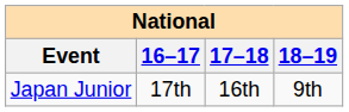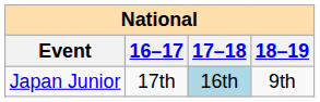 <table class="wikitable" style="text-align:center">
 <tr>
 <th colspan="4" style="background-color: #ffdead; " align="center">National</th>
 </tr>
 <tr>
 <th>Event</th>
 <th><a href='#'>16–17</a></th>
 <th><a href='#'>17–18</a></th>
 <th><a href='#'>18–19</a></th>
 </tr>
 <tr>
 <td align=left><a href='#'>Japan Junior</a></td>
 <td>17th</td>
-<td>16th</td>
+<td style="background: lightblue;">16th</td>
 <td>9th</td>
 </tr>
 </table>
